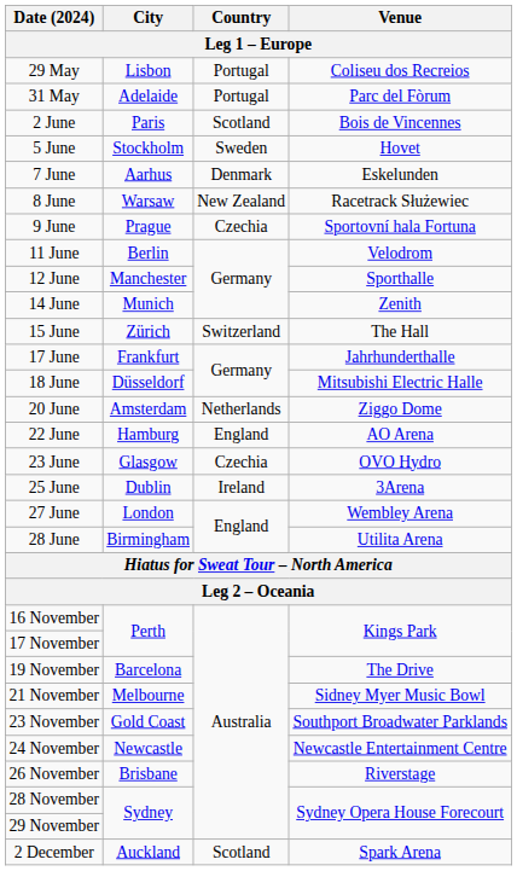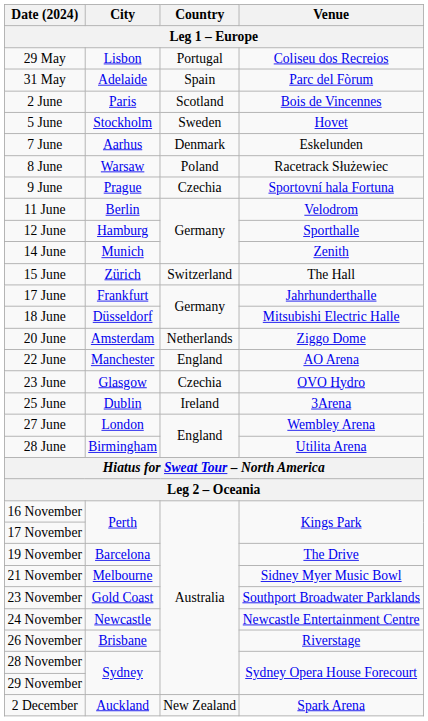 <table class="wikitable plainrowheaders" style="text-align:center;">
 <tr>
 <th scope="col">Date (2024)</th>
 <th scope="col">City</th>
 <th scope="col">Country</th>
 <th scope="col">Venue</th>
 </tr>
 <tr>
 <th colspan="4">Leg 1 – Europe</th>
 </tr>
 <tr>
 <td>29 May</td>
 <td><a href='#'>Lisbon</a></td>
 <td>Portugal</td>
 <td><a href='#'>Coliseu dos Recreios</a></td>
 </tr>
 <tr>
 <td>31 May </td>
 <td><a href='#'>Adelaide</a></td>
-<td>Portugal</td>
+<td>Spain</td>
 <td><a href='#'>Parc del Fòrum</a></td>
 </tr>
 <tr>
 <td>2 June </td>
 <td><a href='#'>Paris</a></td>
 <td>Scotland</td>
 <td><a href='#'>Bois de Vincennes</a></td>
 </tr>
 <tr>
 <td>5 June</td>
 <td><a href='#'>Stockholm</a></td>
 <td>Sweden</td>
 <td><a href='#'>Hovet</a></td>
 </tr>
 <tr>
 <td>7 June</td>
 <td><a href='#'>Aarhus</a></td>
 <td>Denmark</td>
 <td>Eskelunden</td>
 </tr>
 <tr>
 <td>8 June</td>
 <td><a href='#'>Warsaw</a></td>
-<td>New Zealand</td>
+<td>Poland</td>
 <td>Racetrack Służewiec</td>
 </tr>
 <tr>
 <td>9 June</td>
 <td><a href='#'>Prague</a></td>
 <td>Czechia</td>
 <td><a href='#'>Sportovní hala Fortuna</a></td>
 </tr>
 <tr>
 <td>11 June</td>
 <td><a href='#'>Berlin</a></td>
 <td rowspan="3">Germany</td>
 <td><a href='#'>Velodrom</a></td>
 </tr>
 <tr>
 <td>12 June</td>
-<td><a href='#'>Manchester</a></td>
+<td><a href='#'>Hamburg</a></td>
 <td><a href='#'>Sporthalle</a></td>
 </tr>
 <tr>
 <td>14 June</td>
 <td><a href='#'>Munich</a></td>
 <td><a href='#'>Zenith</a></td>
 </tr>
 <tr>
 <td>15 June</td>
 <td><a href='#'>Zürich</a></td>
 <td>Switzerland</td>
 <td>The Hall</td>
 </tr>
 <tr>
 <td>17 June</td>
 <td><a href='#'>Frankfurt</a></td>
 <td rowspan="2">Germany</td>
 <td><a href='#'>Jahrhunderthalle</a></td>
 </tr>
 <tr>
 <td>18 June</td>
 <td><a href='#'>Düsseldorf</a></td>
 <td><a href='#'>Mitsubishi Electric Halle</a></td>
 </tr>
 <tr>
 <td>20 June</td>
 <td><a href='#'>Amsterdam</a></td>
 <td>Netherlands</td>
 <td><a href='#'>Ziggo Dome</a></td>
 </tr>
 <tr>
 <td>22 June</td>
-<td><a href='#'>Hamburg</a></td>
+<td><a href='#'>Manchester</a></td>
 <td>England</td>
 <td><a href='#'>AO Arena</a></td>
 </tr>
 <tr>
 <td>23 June</td>
 <td><a href='#'>Glasgow</a></td>
 <td>Czechia</td>
 <td><a href='#'>OVO Hydro</a></td>
 </tr>
 <tr>
 <td>25 June</td>
 <td><a href='#'>Dublin</a></td>
 <td>Ireland</td>
 <td><a href='#'>3Arena</a></td>
 </tr>
 <tr>
 <td>27 June</td>
 <td><a href='#'>London</a></td>
 <td rowspan="2">England</td>
 <td><a href='#'>Wembley Arena</a></td>
 </tr>
 <tr>
 <td>28 June</td>
 <td><a href='#'>Birmingham</a></td>
 <td><a href='#'>Utilita Arena</a></td>
 </tr>
 <tr>
 <th colspan="6"><em>Hiatus for <a href='#'>Sweat Tour</a> – North America</em></th>
 </tr>
 <tr>
 <th colspan="6">Leg 2 – Oceania</th>
 </tr>
 <tr>
 <td>16 November</td>
 <td rowspan="2"><a href='#'>Perth</a></td>
 <td rowspan="9">Australia</td>
 <td rowspan="2"><a href='#'>Kings Park</a></td>
 </tr>
 <tr>
 <td>17 November</td>
 </tr>
 <tr>
 <td>19 November</td>
 <td><a href='#'>Barcelona</a></td>
 <td><a href='#'>The Drive</a></td>
 </tr>
 <tr>
 <td>21 November</td>
 <td><a href='#'>Melbourne</a></td>
 <td><a href='#'>Sidney Myer Music Bowl</a></td>
 </tr>
 <tr>
 <td>23 November</td>
 <td><a href='#'>Gold Coast</a></td>
 <td><a href='#'>Southport Broadwater Parklands</a></td>
 </tr>
 <tr>
 <td>24 November</td>
 <td><a href='#'>Newcastle</a></td>
 <td><a href='#'>Newcastle Entertainment Centre</a></td>
 </tr>
 <tr>
 <td>26 November</td>
 <td><a href='#'>Brisbane</a></td>
 <td><a href='#'>Riverstage</a></td>
 </tr>
 <tr>
 <td>28 November</td>
 <td rowspan="2"><a href='#'>Sydney</a></td>
 <td rowspan="2"><a href='#'>Sydney Opera House Forecourt</a></td>
 </tr>
 <tr>
 <td>29 November</td>
 </tr>
 <tr>
 <td>2 December</td>
 <td><a href='#'>Auckland</a></td>
-<td>Scotland</td>
+<td>New Zealand</td>
 <td><a href='#'>Spark Arena</a></td>
 </tr>
 </table>
